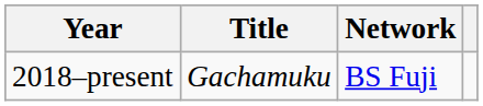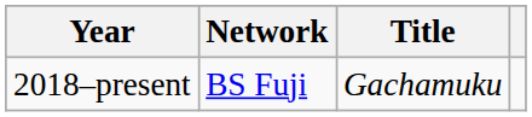 <table class="wikitable">
 <tr>
 <th>Year</th>
+<th>Network</th>
 <th>Title</th>
-<th>Network</th>
 <th></th>
 </tr>
 <tr>
 <td>2018–present</td>
+<td><a href='#'>BS Fuji</a></td>
 <td><em>Gachamuku</em></td>
-<td><a href='#'>BS Fuji</a></td>
 <td></td>
 </tr>
 </table>
